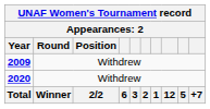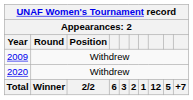 <table class="wikitable" style="text-align: center;font-size:90%;">
 <tr>
 <th colspan=10><a href='#'>UNAF Women's Tournament</a> record</th>
 </tr>
 <tr>
 <th colspan=10>Appearances: 2</th>
 </tr>
 <tr>
 <th>Year</th>
 <th>Round</th>
 <th>Position</th>
 <th></th>
 <th></th>
 <th></th>
 <th></th>
 <th></th>
 <th></th>
 <th></th>
 </tr>
 <tr>
-<td><strong> <a href='#'>2009</a></strong></td>
+<td> <a href='#'>2009</a></td>
 <td colspan=9>Withdrew</td>
 </tr>
 <tr>
-<td><strong> <a href='#'>2020</a></strong></td>
+<td> <a href='#'>2020</a></td>
 <td colspan=9>Withdrew</td>
 </tr>
 <tr>
 <th>Total</th>
 <th>Winner</th>
 <th>2/2</th>
 <th>6</th>
 <th>3</th>
 <th>2</th>
 <th>1</th>
 <th>12</th>
 <th>5</th>
 <th>+7</th>
 </tr>
 </table>
